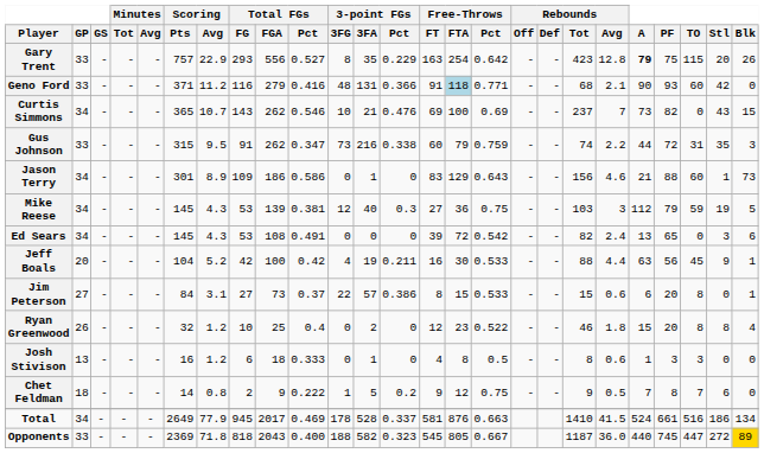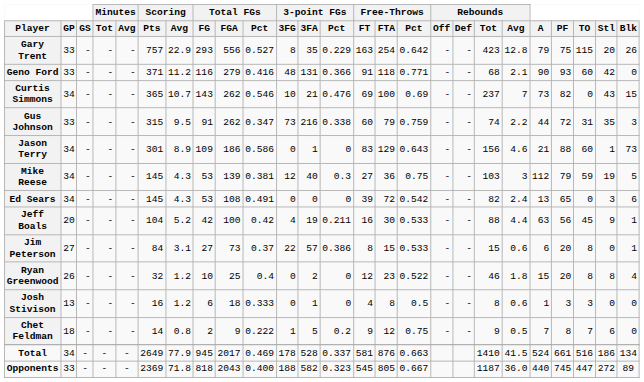 <table class="wikitable sortable" border="1" style="font-size:90%;">
 <tr>
 <th colspan="3" style="border-top-style:hidden; border-left-style:hidden; background: white;"></th>
 <th colspan="2" style=>Minutes</th>
 <th colspan="2" style=>Scoring</th>
 <th colspan="3" style=>Total FGs</th>
 <th colspan="3" style=>3-point FGs</th>
 <th colspan="3" style=>Free-Throws</th>
 <th colspan="4" style=>Rebounds</th>
 <th colspan="5" style="border-top-style:hidden; border-right-style:hidden; background: white;"></th>
 </tr>
 <tr>
 <th scope="col" style=>Player</th>
 <th scope="col" style=>GP</th>
 <th scope="col" style=>GS</th>
 <th scope="col" style=>Tot</th>
 <th scope="col" style=>Avg</th>
 <th scope="col" style=>Pts</th>
 <th scope="col" style=>Avg</th>
 <th scope="col" style=>FG</th>
 <th scope="col" style=>FGA</th>
 <th scope="col" style=>Pct</th>
 <th scope="col" style=>3FG</th>
 <th scope="col" style=>3FA</th>
 <th scope="col" style=>Pct</th>
 <th scope="col" style=>FT</th>
 <th scope="col" style=>FTA</th>
 <th scope="col" style=>Pct</th>
 <th scope="col" style=>Off</th>
 <th scope="col" style=>Def</th>
 <th scope="col" style=>Tot</th>
 <th scope="col" style=>Avg</th>
 <th scope="col" style=>A</th>
 <th scope="col" style=>PF</th>
 <th scope="col" style=>TO</th>
 <th scope="col" style=>Stl</th>
 <th scope="col" style=>Blk</th>
 </tr>
 <tr>
 <th>Gary Trent</th>
 <td align="right">33</td>
 <td align="right">-</td>
 <td align="right">-</td>
 <td align="right">-</td>
 <td align="right">757</td>
 <td align="right">22.9</td>
 <td align="right">293</td>
 <td align="right">556</td>
 <td align="right">0.527</td>
 <td align="right">8</td>
 <td align="right">35</td>
 <td align="right">0.229</td>
 <td align="right">163</td>
 <td align="right">254</td>
 <td align="right">0.642</td>
 <td align="right">-</td>
 <td align="right">-</td>
 <td align="right">423</td>
 <td align="right">12.8</td>
-<td align="right"><strong>79</strong></td>
+<td align="right">79</td>
 <td align="right">75</td>
 <td align="right">115</td>
 <td align="right">20</td>
 <td align="right">26</td>
 </tr>
 <tr>
 <th>Geno Ford</th>
 <td align="right">33</td>
 <td align="right">-</td>
 <td align="right">-</td>
 <td align="right">-</td>
 <td align="right">371</td>
 <td align="right">11.2</td>
 <td align="right">116</td>
 <td align="right">279</td>
 <td align="right">0.416</td>
 <td align="right">48</td>
 <td align="right">131</td>
 <td align="right">0.366</td>
 <td align="right">91</td>
-<td align="right" style="background: lightblue;">118</td>
+<td align="right">118</td>
 <td align="right">0.771</td>
 <td align="right">-</td>
 <td align="right">-</td>
 <td align="right">68</td>
 <td align="right">2.1</td>
 <td align="right">90</td>
 <td align="right">93</td>
 <td align="right">60</td>
 <td align="right">42</td>
 <td align="right">0</td>
 </tr>
 <tr>
 <th>Curtis Simmons</th>
 <td align="right">34</td>
 <td align="right">-</td>
 <td align="right">-</td>
 <td align="right">-</td>
 <td align="right">365</td>
 <td align="right">10.7</td>
 <td align="right">143</td>
 <td align="right">262</td>
 <td align="right">0.546</td>
 <td align="right">10</td>
 <td align="right">21</td>
 <td align="right">0.476</td>
 <td align="right">69</td>
 <td align="right">100</td>
 <td align="right">0.69</td>
 <td align="right">-</td>
 <td align="right">-</td>
 <td align="right">237</td>
 <td align="right">7</td>
 <td align="right">73</td>
 <td align="right">82</td>
 <td align="right">0</td>
 <td align="right">43</td>
 <td align="right">15</td>
 </tr>
 <tr>
 <th>Gus Johnson</th>
 <td align="right">33</td>
 <td align="right">-</td>
 <td align="right">-</td>
 <td align="right">-</td>
 <td align="right">315</td>
 <td align="right">9.5</td>
 <td align="right">91</td>
 <td align="right">262</td>
 <td align="right">0.347</td>
 <td align="right">73</td>
 <td align="right">216</td>
 <td align="right">0.338</td>
 <td align="right">60</td>
 <td align="right">79</td>
 <td align="right">0.759</td>
 <td align="right">-</td>
 <td align="right">-</td>
 <td align="right">74</td>
 <td align="right">2.2</td>
 <td align="right">44</td>
 <td align="right">72</td>
 <td align="right">31</td>
 <td align="right">35</td>
 <td align="right">3</td>
 </tr>
 <tr>
 <th>Jason Terry</th>
 <td align="right">34</td>
 <td align="right">-</td>
 <td align="right">-</td>
 <td align="right">-</td>
 <td align="right">301</td>
 <td align="right">8.9</td>
 <td align="right">109</td>
 <td align="right">186</td>
 <td align="right">0.586</td>
 <td align="right">0</td>
 <td align="right">1</td>
 <td align="right">0</td>
 <td align="right">83</td>
 <td align="right">129</td>
 <td align="right">0.643</td>
 <td align="right">-</td>
 <td align="right">-</td>
 <td align="right">156</td>
 <td align="right">4.6</td>
 <td align="right">21</td>
 <td align="right">88</td>
 <td align="right">60</td>
 <td align="right">1</td>
 <td align="right">73</td>
 </tr>
 <tr>
 <th>Mike Reese</th>
 <td align="right">34</td>
 <td align="right">-</td>
 <td align="right">-</td>
 <td align="right">-</td>
 <td align="right">145</td>
 <td align="right">4.3</td>
 <td align="right">53</td>
 <td align="right">139</td>
 <td align="right">0.381</td>
 <td align="right">12</td>
 <td align="right">40</td>
 <td align="right">0.3</td>
 <td align="right">27</td>
 <td align="right">36</td>
 <td align="right">0.75</td>
 <td align="right">-</td>
 <td align="right">-</td>
 <td align="right">103</td>
 <td align="right">3</td>
 <td align="right">112</td>
 <td align="right">79</td>
 <td align="right">59</td>
 <td align="right">19</td>
 <td align="right">5</td>
 </tr>
 <tr>
 <th>Ed Sears</th>
 <td align="right">34</td>
 <td align="right">-</td>
 <td align="right">-</td>
 <td align="right">-</td>
 <td align="right">145</td>
 <td align="right">4.3</td>
 <td align="right">53</td>
 <td align="right">108</td>
 <td align="right">0.491</td>
 <td align="right">0</td>
 <td align="right">0</td>
 <td align="right">0</td>
 <td align="right">39</td>
 <td align="right">72</td>
 <td align="right">0.542</td>
 <td align="right">-</td>
 <td align="right">-</td>
 <td align="right">82</td>
 <td align="right">2.4</td>
 <td align="right">13</td>
 <td align="right">65</td>
 <td align="right">0</td>
 <td align="right">3</td>
 <td align="right">6</td>
 </tr>
 <tr>
 <th>Jeff Boals</th>
 <td align="right">20</td>
 <td align="right">-</td>
 <td align="right">-</td>
 <td align="right">-</td>
 <td align="right">104</td>
 <td align="right">5.2</td>
 <td align="right">42</td>
 <td align="right">100</td>
 <td align="right">0.42</td>
 <td align="right">4</td>
 <td align="right">19</td>
 <td align="right">0.211</td>
 <td align="right">16</td>
 <td align="right">30</td>
 <td align="right">0.533</td>
 <td align="right">-</td>
 <td align="right">-</td>
 <td align="right">88</td>
 <td align="right">4.4</td>
 <td align="right">63</td>
 <td align="right">56</td>
 <td align="right">45</td>
 <td align="right">9</td>
 <td align="right">1</td>
 </tr>
 <tr>
 <th>Jim Peterson</th>
 <td align="right">27</td>
 <td align="right">-</td>
 <td align="right">-</td>
 <td align="right">-</td>
 <td align="right">84</td>
 <td align="right">3.1</td>
 <td align="right">27</td>
 <td align="right">73</td>
 <td align="right">0.37</td>
 <td align="right">22</td>
 <td align="right">57</td>
 <td align="right">0.386</td>
 <td align="right">8</td>
 <td align="right">15</td>
 <td align="right">0.533</td>
 <td align="right">-</td>
 <td align="right">-</td>
 <td align="right">15</td>
 <td align="right">0.6</td>
 <td align="right">6</td>
 <td align="right">20</td>
 <td align="right">8</td>
 <td align="right">0</td>
 <td align="right">1</td>
 </tr>
 <tr>
 <th>Ryan Greenwood</th>
 <td align="right">26</td>
 <td align="right">-</td>
 <td align="right">-</td>
 <td align="right">-</td>
 <td align="right">32</td>
 <td align="right">1.2</td>
 <td align="right">10</td>
 <td align="right">25</td>
 <td align="right">0.4</td>
 <td align="right">0</td>
 <td align="right">2</td>
 <td align="right">0</td>
 <td align="right">12</td>
 <td align="right">23</td>
 <td align="right">0.522</td>
 <td align="right">-</td>
 <td align="right">-</td>
 <td align="right">46</td>
 <td align="right">1.8</td>
 <td align="right">15</td>
 <td align="right">20</td>
 <td align="right">8</td>
 <td align="right">8</td>
 <td align="right">4</td>
 </tr>
 <tr>
 <th>Josh Stivison</th>
 <td align="right">13</td>
 <td align="right">-</td>
 <td align="right">-</td>
 <td align="right">-</td>
 <td align="right">16</td>
 <td align="right">1.2</td>
 <td align="right">6</td>
 <td align="right">18</td>
 <td align="right">0.333</td>
 <td align="right">0</td>
 <td align="right">1</td>
 <td align="right">0</td>
 <td align="right">4</td>
 <td align="right">8</td>
 <td align="right">0.5</td>
 <td align="right">-</td>
 <td align="right">-</td>
 <td align="right">8</td>
 <td align="right">0.6</td>
 <td align="right">1</td>
 <td align="right">3</td>
 <td align="right">3</td>
 <td align="right">0</td>
 <td align="right">0</td>
 </tr>
 <tr>
 <th>Chet Feldman</th>
 <td align="right">18</td>
 <td align="right">-</td>
 <td align="right">-</td>
 <td align="right">-</td>
 <td align="right">14</td>
 <td align="right">0.8</td>
 <td align="right">2</td>
 <td align="right">9</td>
 <td align="right">0.222</td>
 <td align="right">1</td>
 <td align="right">5</td>
 <td align="right">0.2</td>
 <td align="right">9</td>
 <td align="right">12</td>
 <td align="right">0.75</td>
 <td align="right">-</td>
 <td align="right">-</td>
 <td align="right">9</td>
 <td align="right">0.5</td>
 <td align="right">7</td>
 <td align="right">8</td>
 <td align="right">7</td>
 <td align="right">6</td>
 <td align="right">0</td>
 </tr>
 <tr>
 </tr>
 <tr class="sortbottom">
 <td align="center" style=><strong>Total</strong></td>
 <td align="center" style=>34</td>
 <td align="center" style=>-</td>
 <td align="center" style=>-</td>
 <td align="center" style=>-</td>
 <td align="center" style=>2649</td>
 <td align="center" style=>77.9</td>
 <td align="center" style=>945</td>
 <td align="center" style=>2017</td>
 <td align="center" style=>0.469</td>
 <td align="center" style=>178</td>
 <td align="center" style=>528</td>
 <td align="center" style=>0.337</td>
 <td align="center" style=>581</td>
 <td align="center" style=>876</td>
 <td align="center" style=>0.663</td>
 <td align="center" style=></td>
 <td align="center" style=></td>
 <td align="center" style=>1410</td>
 <td align="center" style=>41.5</td>
 <td align="center" style=>524</td>
 <td align="center" style=>661</td>
 <td align="center" style=>516</td>
 <td align="center" style=>186</td>
 <td align="center" style=>134</td>
 </tr>
 <tr class="sortbottom">
 <td align="center"><strong>Opponents</strong></td>
 <td align="center">33</td>
 <td align="center">-</td>
 <td align="center">-</td>
 <td align="center">-</td>
 <td align="center">2369</td>
 <td align="center">71.8</td>
 <td align="center">818</td>
 <td align="center">2043</td>
 <td align="center">0.400</td>
 <td align="center">188</td>
 <td align="center">582</td>
 <td align="center">0.323</td>
 <td align="center">545</td>
 <td align="center">805</td>
 <td align="center">0.667</td>
 <td align="center"></td>
 <td align="center"></td>
 <td align="center">1187</td>
 <td align="center">36.0</td>
 <td align="center">440</td>
 <td align="center">745</td>
 <td align="center">447</td>
 <td align="center">272</td>
-<td align="center" style="background: gold;">89</td>
+<td align="center">89</td>
 </tr>
 </table>
